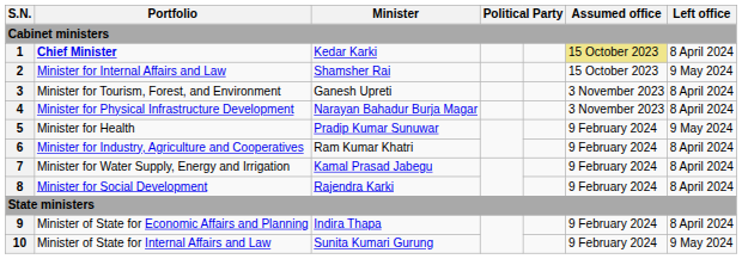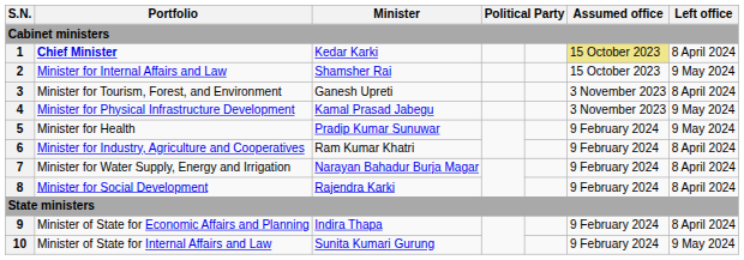 <table class="wikitable">
 <tr>
 <th>S.N.</th>
 <th>Portfolio</th>
 <th>Minister<br></th>
 <th colspan="2">Political Party</th>
 <th>Assumed office</th>
 <th>Left office</th>
 </tr>
 <tr>
 <td colspan="7" bgcolor="darkgrey"><strong>Cabinet ministers</strong></td>
 </tr>
 <tr>
 <th>1</th>
 <td><strong><a href='#'>Chief Minister</a><br></strong></td>
 <td><a href='#'>Kedar Karki</a><br></td>
 <td></td>
 <td></td>
 <td style="background: khaki;">15 October 2023</td>
 <td>8 April 2024</td>
 </tr>
 <tr>
 <th>2</th>
 <td><a href='#'>Minister for Internal Affairs and Law</a></td>
 <td><a href='#'>Shamsher Rai</a><br></td>
 <td></td>
 <td></td>
 <td>15 October 2023</td>
 <td>9 May 2024</td>
 </tr>
 <tr>
 <th>3</th>
 <td>Minister for Tourism, Forest, and Environment</td>
 <td>Ganesh Upreti<br></td>
 <td></td>
 <td></td>
 <td>3 November 2023</td>
 <td>8 April 2024</td>
 </tr>
 <tr>
 <th>4</th>
 <td><a href='#'>Minister for Physical Infrastructure Development</a></td>
-<td><a href='#'>Narayan Bahadur Burja Magar</a><br></td>
+<td><a href='#'>Kamal Prasad Jabegu</a><br></td>
 <td></td>
 <td></td>
 <td>3 November 2023</td>
-<td>8 April 2024</td>
+<td>9 May 2024</td>
 </tr>
 <tr>
 <th>5</th>
 <td>Minister for Health</td>
 <td><a href='#'>Pradip Kumar Sunuwar</a><br></td>
 <td rowspan="2"></td>
 <td></td>
 <td>9 February 2024</td>
 <td>9 May 2024</td>
 </tr>
 <tr>
 <th>6</th>
 <td><a href='#'>Minister for Industry, Agriculture and Cooperatives</a></td>
 <td>Ram Kumar Khatri<br></td>
 <td></td>
 <td>9 February 2024</td>
 <td>8 April 2024</td>
 </tr>
 <tr>
 <th>7</th>
 <td>Minister for Water Supply, Energy and Irrigation</td>
-<td><a href='#'>Kamal Prasad Jabegu</a><br></td>
+<td><a href='#'>Narayan Bahadur Burja Magar</a><br></td>
 <td rowspan="2"></td>
 <td></td>
 <td>9 February 2024</td>
 <td>8 April 2024</td>
 </tr>
 <tr>
 <th>8</th>
 <td><a href='#'>Minister for Social Development</a></td>
 <td><a href='#'>Rajendra Karki</a><br></td>
 <td></td>
 <td>9 February 2024</td>
 <td>8 April 2024</td>
 </tr>
 <tr>
 <td colspan="7" bgcolor="darkgrey"><strong>State ministers</strong></td>
 </tr>
 <tr>
 <th>9</th>
 <td>Minister of State for <a href='#'>Economic Affairs and Planning</a></td>
 <td><a href='#'>Indira Thapa</a><br></td>
 <td rowspan="2"></td>
 <td></td>
 <td>9 February 2024</td>
 <td>8 April 2024</td>
 </tr>
 <tr>
 <th>10</th>
 <td>Minister of State for <a href='#'>Internal Affairs and Law</a></td>
 <td><a href='#'>Sunita Kumari Gurung</a><br></td>
 <td></td>
 <td>9 February 2024</td>
 <td>9 May 2024</td>
 </tr>
 </table>
